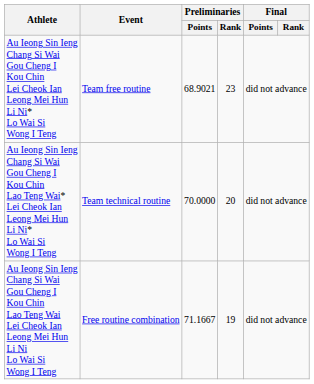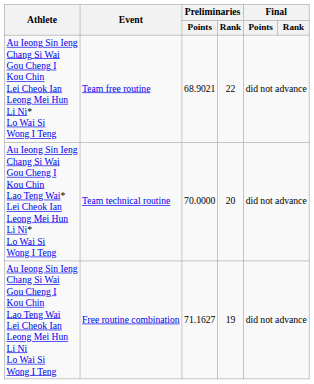 <table class=wikitable style="font-size:90%">
 <tr>
 <th rowspan="2">Athlete</th>
 <th rowspan="2">Event</th>
 <th colspan="2">Preliminaries</th>
 <th colspan="2">Final</th>
 </tr>
 <tr style="font-size:95%">
 <th>Points</th>
 <th>Rank</th>
 <th>Points</th>
 <th>Rank</th>
 </tr>
 <tr align=center>
 <td align=left><a href='#'>Au Ieong Sin Ieng</a><br><a href='#'>Chang Si Wai</a><br><a href='#'>Gou Cheng I</a><br><a href='#'>Kou Chin</a><br><a href='#'>Lei Cheok Ian</a><br><a href='#'>Leong Mei Hun</a><br><a href='#'>Li Ni</a>*<br><a href='#'>Lo Wai Si</a><br><a href='#'>Wong I Teng</a></td>
 <td align=left><a href='#'>Team free routine</a></td>
 <td>68.9021</td>
-<td>23</td>
+<td>22</td>
 <td colspan=2>did not advance</td>
 </tr>
 <tr align=center>
 <td align=left><a href='#'>Au Ieong Sin Ieng</a><br><a href='#'>Chang Si Wai</a><br><a href='#'>Gou Cheng I</a><br><a href='#'>Kou Chin</a><br><a href='#'>Lao Teng Wai</a>*<br><a href='#'>Lei Cheok Ian</a><br><a href='#'>Leong Mei Hun</a><br><a href='#'>Li Ni</a>*<br><a href='#'>Lo Wai Si</a><br><a href='#'>Wong I Teng</a></td>
 <td align=left><a href='#'>Team technical routine</a></td>
 <td>70.0000</td>
 <td>20</td>
 <td colspan=2>did not advance</td>
 </tr>
 <tr align=center>
 <td align=left><a href='#'>Au Ieong Sin Ieng</a><br><a href='#'>Chang Si Wai</a><br><a href='#'>Gou Cheng I</a><br><a href='#'>Kou Chin</a><br><a href='#'>Lao Teng Wai</a><br><a href='#'>Lei Cheok Ian</a><br><a href='#'>Leong Mei Hun</a><br><a href='#'>Li Ni</a><br><a href='#'>Lo Wai Si</a><br><a href='#'>Wong I Teng</a></td>
 <td align=left><a href='#'>Free routine combination</a></td>
-<td>71.1667</td>
+<td>71.1627</td>
 <td>19</td>
 <td colspan=2>did not advance</td>
 </tr>
 </table>
